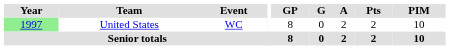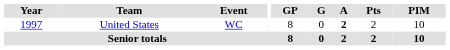 <table border="0" cellpadding="1" cellspacing="0" ID="Table3" style="text-align:center; width:40em">
 <tr bgcolor="#e0e0e0">
 <th>Year</th>
 <th>Team</th>
 <th>Event</th>
 <th rowspan="102" bgcolor="#ffffff"></th>
 <th>GP</th>
 <th>G</th>
 <th>A</th>
 <th>Pts</th>
 <th>PIM</th>
 </tr>
 <tr>
-<td style="background: lightgreen;"><a href='#'>1997</a></td>
+<td><a href='#'>1997</a></td>
 <td><a href='#'>United States</a></td>
 <td><a href='#'>WC</a></td>
 <td>8</td>
 <td>0</td>
-<td>2</td>
+<td><strong>2</strong></td>
 <td>2</td>
 <td>10</td>
 </tr>
 <tr bgcolor="#e0e0e0">
 <th colspan="4">Senior totals</th>
 <th>8</th>
 <th>0</th>
 <th>2</th>
 <th>2</th>
 <th>10</th>
 </tr>
 </table>
